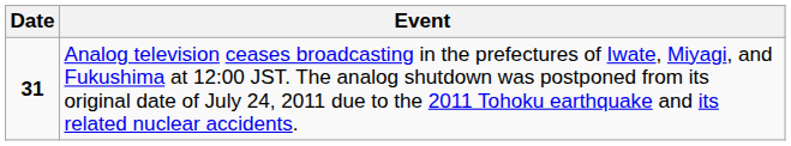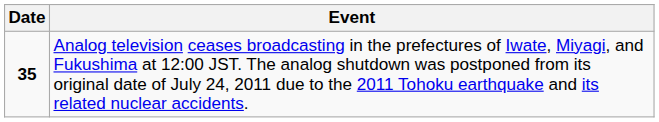 <table class="wikitable">
 <tr>
 <th>Date</th>
 <th>Event</th>
 </tr>
 <tr>
-<td style="text-align:center"><strong>31</strong></td>
+<td style="text-align:center"><strong>35</strong></td>
 <td><a href='#'>Analog television</a> <a href='#'>ceases broadcasting</a> in the prefectures of <a href='#'>Iwate</a>, <a href='#'>Miyagi</a>, and <a href='#'>Fukushima</a> at 12:00 JST. The analog shutdown was postponed from its original date of July 24, 2011 due to the <a href='#'>2011 Tohoku earthquake</a> and <a href='#'>its related nuclear accidents</a>.</td>
 </tr>
 </table>
